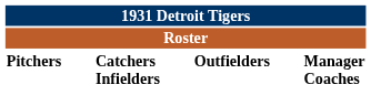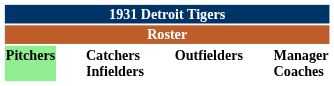 <table class="toccolours" style="font-size: 95%;">
 <tr>
 <th colspan="10" style="background-color: #003366; color: white; text-align: center;">1931 Detroit Tigers</th>
 </tr>
 <tr>
 <td colspan="10" style="background-color: #bd5d29; color: white; text-align: center;"><strong>Roster</strong></td>
 </tr>
 <tr>
-<td valign="top"><strong>Pitchers</strong><br>         </td>
+<td valign="top" style="background: lightgreen;"><strong>Pitchers</strong><br>         </td>
 <td width="25px"></td>
 <td valign="top"><strong>Catchers</strong><br>     <strong>Infielders</strong>           </td>
 <td width="25px"></td>
 <td valign="top"><strong>Outfielders</strong><br>      </td>
 <td width="25px"></td>
 <td valign="top"><strong>Manager</strong><br> <strong>Coaches</strong>  </td>
 </tr>
 </table>
